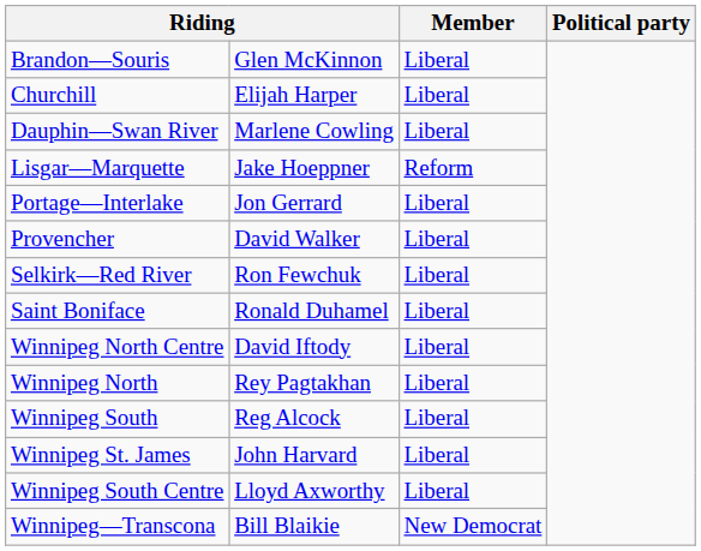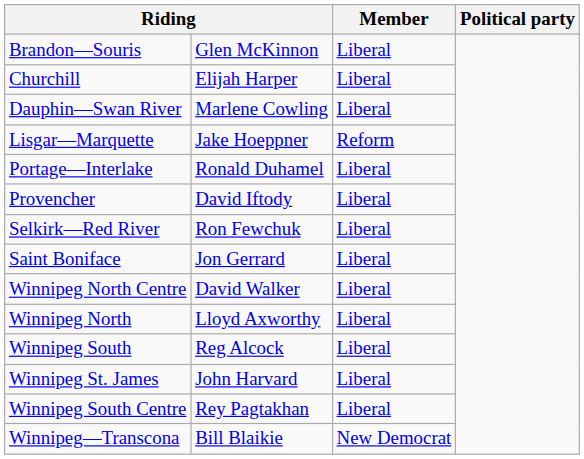 <table class="wikitable">
 <tr>
 <th colspan=2>Riding</th>
 <th>Member</th>
 <th>Political party</th>
 </tr>
 <tr>
 <td><a href='#'>Brandon—Souris</a></td>
 <td><a href='#'>Glen McKinnon</a></td>
 <td><a href='#'>Liberal</a></td>
 </tr>
 <tr>
 <td><a href='#'>Churchill</a></td>
 <td><a href='#'>Elijah Harper</a></td>
 <td><a href='#'>Liberal</a></td>
 </tr>
 <tr>
 <td><a href='#'>Dauphin—Swan River</a></td>
 <td><a href='#'>Marlene Cowling</a></td>
 <td><a href='#'>Liberal</a></td>
 </tr>
 <tr>
 <td><a href='#'>Lisgar—Marquette</a></td>
 <td><a href='#'>Jake Hoeppner</a></td>
 <td><a href='#'>Reform</a></td>
 </tr>
 <tr>
 <td><a href='#'>Portage—Interlake</a></td>
-<td><a href='#'>Jon Gerrard</a></td>
+<td><a href='#'>Ronald Duhamel</a></td>
 <td><a href='#'>Liberal</a></td>
 </tr>
 <tr>
 <td><a href='#'>Provencher</a></td>
-<td><a href='#'>David Walker</a></td>
+<td><a href='#'>David Iftody</a></td>
 <td><a href='#'>Liberal</a></td>
 </tr>
 <tr>
 <td><a href='#'>Selkirk—Red River</a></td>
 <td><a href='#'>Ron Fewchuk</a></td>
 <td><a href='#'>Liberal</a></td>
 </tr>
 <tr>
 <td><a href='#'>Saint Boniface</a></td>
-<td><a href='#'>Ronald Duhamel</a></td>
+<td><a href='#'>Jon Gerrard</a></td>
 <td><a href='#'>Liberal</a></td>
 </tr>
 <tr>
 <td><a href='#'>Winnipeg North Centre</a></td>
-<td><a href='#'>David Iftody</a></td>
+<td><a href='#'>David Walker</a></td>
 <td><a href='#'>Liberal</a></td>
 </tr>
 <tr>
 <td><a href='#'>Winnipeg North</a></td>
-<td><a href='#'>Rey Pagtakhan</a></td>
+<td><a href='#'>Lloyd Axworthy</a></td>
 <td><a href='#'>Liberal</a></td>
 </tr>
 <tr>
 <td><a href='#'>Winnipeg South</a></td>
 <td><a href='#'>Reg Alcock</a></td>
 <td><a href='#'>Liberal</a></td>
 </tr>
 <tr>
 <td><a href='#'>Winnipeg St. James</a></td>
 <td><a href='#'>John Harvard</a></td>
 <td><a href='#'>Liberal</a></td>
 </tr>
 <tr>
 <td><a href='#'>Winnipeg South Centre</a></td>
-<td><a href='#'>Lloyd Axworthy</a></td>
+<td><a href='#'>Rey Pagtakhan</a></td>
 <td><a href='#'>Liberal</a></td>
 </tr>
 <tr>
 <td><a href='#'>Winnipeg—Transcona</a></td>
 <td><a href='#'>Bill Blaikie</a></td>
 <td><a href='#'>New Democrat</a></td>
 </tr>
 </table>
